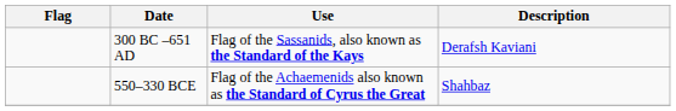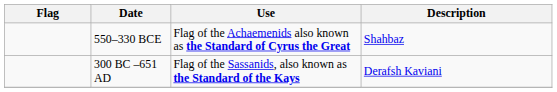 <table class="wikitable">
 <tr style="background:#efefef;">
 <th style="width:110px;">Flag</th>
 <th style="width:100px;">Date</th>
 <th style="width:250px;">Use</th>
 <th style="width:250px;">Description</th>
 </tr>
 <tr>
 <td></td>
+<td>550–330 BCE</td>
+<td>Flag of the <a href='#'>Achaemenids</a> also known as <strong><a href='#'>the Standard of Cyrus the Great</a></strong></td>
+<td><a href='#'>Shahbaz</a></td>
+</tr>
+<tr>
+<td></td>
 <td>300 BC –651 AD </td>
 <td>Flag of the <a href='#'>Sassanids</a>, also known as <strong><a href='#'>the Standard of the Kays</a></strong></td>
 <td><a href='#'>Derafsh Kaviani</a></td>
 </tr>
 <tr>
-<td></td>
-<td>550–330 BCE</td>
-<td>Flag of the <a href='#'>Achaemenids</a> also known as <strong><a href='#'>the Standard of Cyrus the Great</a></strong></td>
-<td><a href='#'>Shahbaz</a></td>
-</tr>
-<tr>
 </tr>
 </table>
